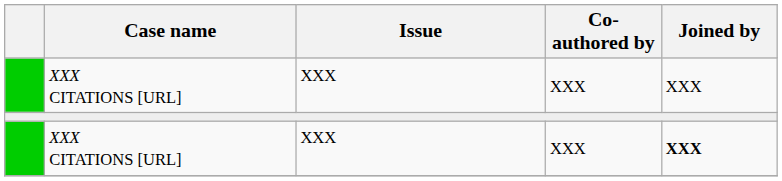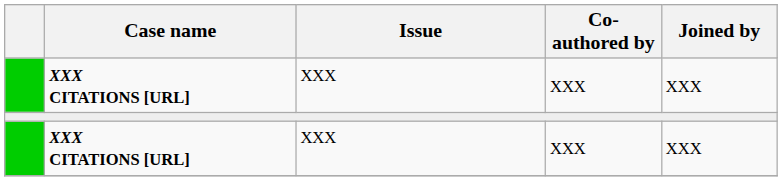 <table class="wikitable" width=100%>
 <tr bgcolor="#CCCCCC">
 <th width=25px></th>
 <th width=32.5%>Case name</th>
 <th>Issue</th>
 <th width=15%>Co-authored by</th>
 <th width=15%>Joined by</th>
 </tr>
 <tr>
 <td bgcolor="00cd00"></td>
-<td align=left valign=top><small><em>XXX</em><br> CITATIONS [URL] </small></td>
+<td align=left valign=top><strong><small><em>XXX</em><br> CITATIONS [URL] </small></strong></td>
 <td valign=top><small> XXX</small></td>
 <td><small> XXX</small></td>
 <td><small>  XXX</small></td>
 </tr>
 <tr>
 <td bgcolor=#EEEEEE colspan=5 valign=top><small></small></td>
 </tr>
 <tr>
 <td bgcolor="00cd00"></td>
-<td align=left valign=top><small><em>XXX</em><br> CITATIONS [URL]</small></td>
+<td align=left valign=top><strong><small><em>XXX</em><br> CITATIONS [URL]</small></strong></td>
 <td valign=top><small>XXX</small></td>
 <td><small> XXX</small></td>
-<td><strong><small> XXX</small></strong></td>
+<td><small> XXX</small></td>
 </tr>
 <tr>
 </tr>
 </table>
